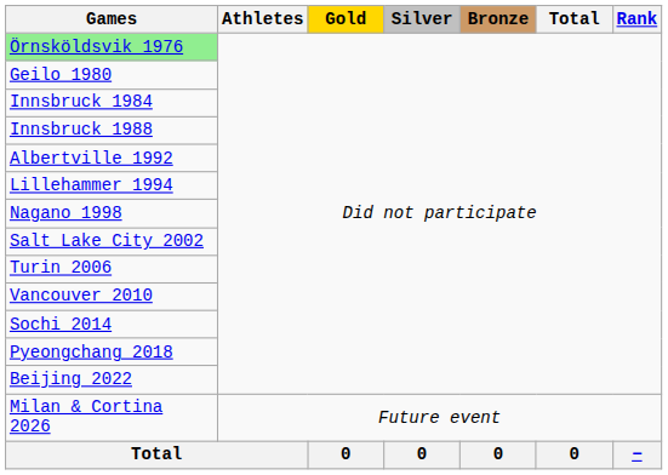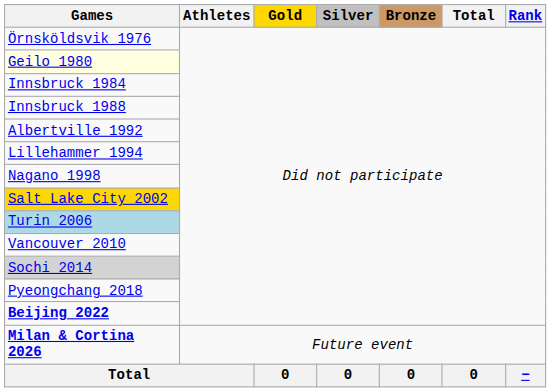 <table class="wikitable" style="text-align:center; font-size:100%;">
 <tr>
 <th style="width:12em;">Games</th>
 <th style="width:4em;">Athletes</th>
 <th style="width:4em; background:gold;">Gold</th>
 <th style="width:4em; background:silver;">Silver</th>
 <th style="width:4em; background:#cc9966;">Bronze</th>
 <th style="width:4em;">Total</th>
 <th style="width:2em;"><a href='#'>Rank</a></th>
 </tr>
 <tr>
-<td align=left style="background: lightgreen;"> <a href='#'>Örnsköldsvik 1976</a></td>
+<td align=left> <a href='#'>Örnsköldsvik 1976</a></td>
 <td colspan=6 rowspan=13><em>Did not participate</em></td>
 </tr>
 <tr>
-<td align=left> <a href='#'>Geilo 1980</a></td>
+<td align=left style="background: lightyellow;"> <a href='#'>Geilo 1980</a></td>
 </tr>
 <tr>
 <td align=left> <a href='#'>Innsbruck 1984</a></td>
 </tr>
 <tr>
 <td align=left> <a href='#'>Innsbruck 1988</a></td>
 </tr>
 <tr>
 <td align=left> <a href='#'>Albertville 1992</a></td>
 </tr>
 <tr>
 <td align=left> <a href='#'>Lillehammer 1994</a></td>
 </tr>
 <tr>
 <td align=left> <a href='#'>Nagano 1998</a></td>
 </tr>
 <tr>
-<td align=left> <a href='#'>Salt Lake City 2002</a></td>
+<td align=left style="background: gold;"> <a href='#'>Salt Lake City 2002</a></td>
 </tr>
 <tr>
-<td align=left> <a href='#'>Turin 2006</a></td>
+<td align=left style="background: lightblue;"> <a href='#'>Turin 2006</a></td>
 </tr>
 <tr>
 <td align=left> <a href='#'>Vancouver 2010</a></td>
 </tr>
 <tr>
-<td align=left> <a href='#'>Sochi 2014</a></td>
+<td align=left style="background: lightgrey;"> <a href='#'>Sochi 2014</a></td>
 </tr>
 <tr>
 <td align=left> <a href='#'>Pyeongchang 2018</a></td>
 </tr>
 <tr>
-<td align=left> <a href='#'>Beijing 2022</a></td>
+<td align=left><strong> <a href='#'>Beijing 2022</a></strong></td>
 </tr>
 <tr>
-<td align=left> <a href='#'>Milan & Cortina 2026</a></td>
+<td align=left><strong> <a href='#'>Milan & Cortina 2026</a></strong></td>
 <td colspan=6><em>Future event</em></td>
 </tr>
 <tr>
 <th colspan=2>Total</th>
 <th>0</th>
 <th>0</th>
 <th>0</th>
 <th>0</th>
 <th><a href='#'>−</a></th>
 </tr>
 </table>
